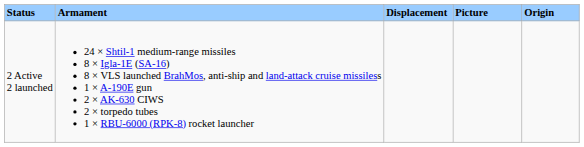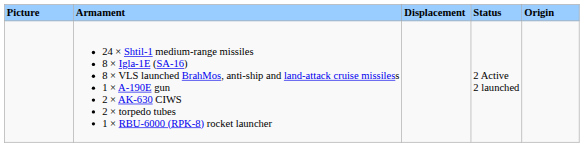 <table class="wikitable">
 <tr>
-<th style="text-align:left; background:#9cf;"><div>Status</div></th>
+<th style="text-align:left; width:12%; background:#9cf;"><div>Picture</div></th>
 <th style="text-align:left; background:#9cf;"><div>Armament</div></th>
 <th style="text-align:left; width:12%; background:#9cf;"><div>Displacement</div></th>
-<th style="text-align:left; width:12%; background:#9cf;"><div>Picture</div></th>
+<th style="text-align:left; background:#9cf;"><div>Status</div></th>
 <th style="text-align:left; width:10%; background:#9cf;"><div>Origin</div></th>
 </tr>
 <tr>
-<td>2 Active<br>2 launched</td>
+<td></td>
 <td><br><ul><li>24 × <a href='#'>Shtil-1</a> medium-range missiles</li><li>8 × <a href='#'>Igla-1E</a> (<a href='#'>SA-16</a>)</li><li>8 × VLS launched <a href='#'>BrahMos</a>, anti-ship and <a href='#'>land-attack cruise missiles</a>s</li><li>1 ×   <a href='#'>A-190E</a> gun</li><li>2 × <a href='#'>AK-630</a> CIWS</li><li>2 ×  torpedo tubes</li><li>1 × <a href='#'>RBU-6000 (RPK-8)</a> rocket launcher</li></ul></td>
 <td></td>
-<td></td>
+<td>2 Active<br>2 launched</td>
 <td></td>
 </tr>
 </table>
